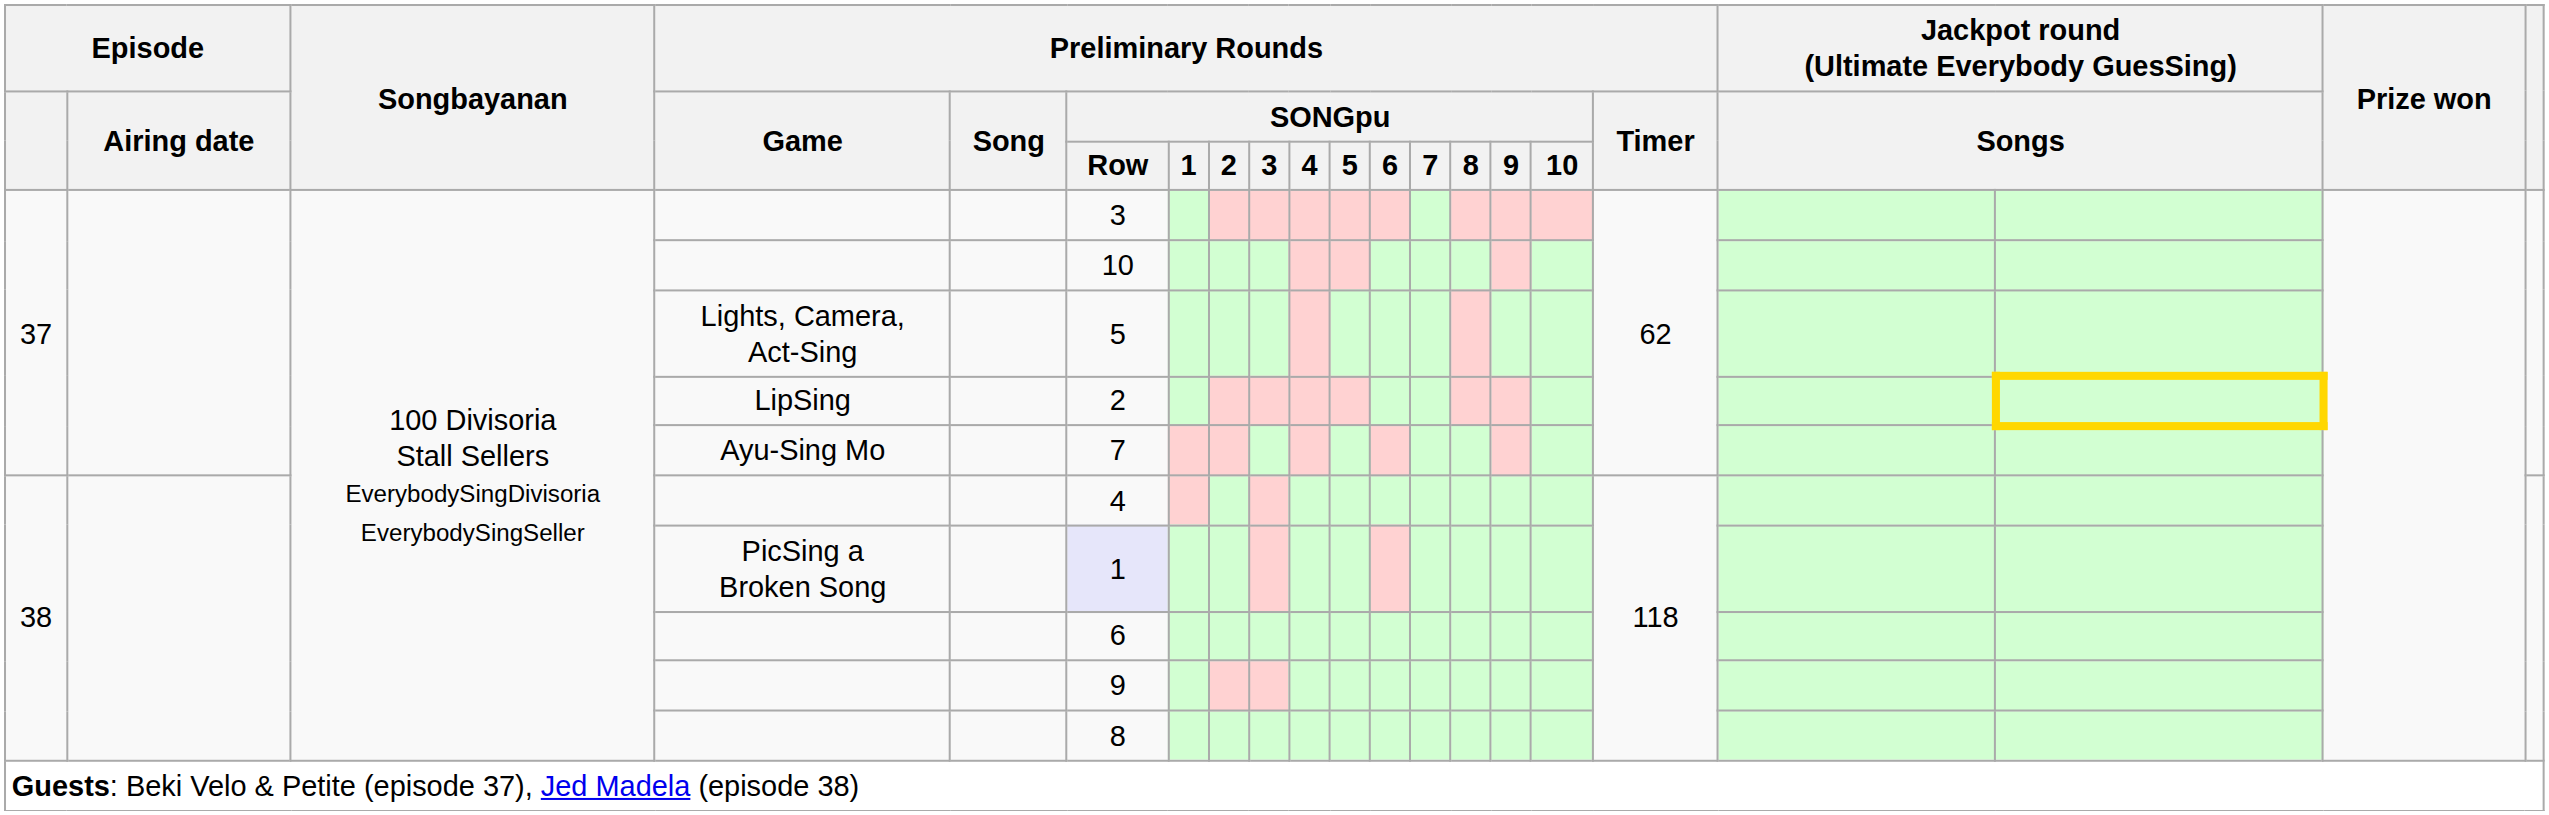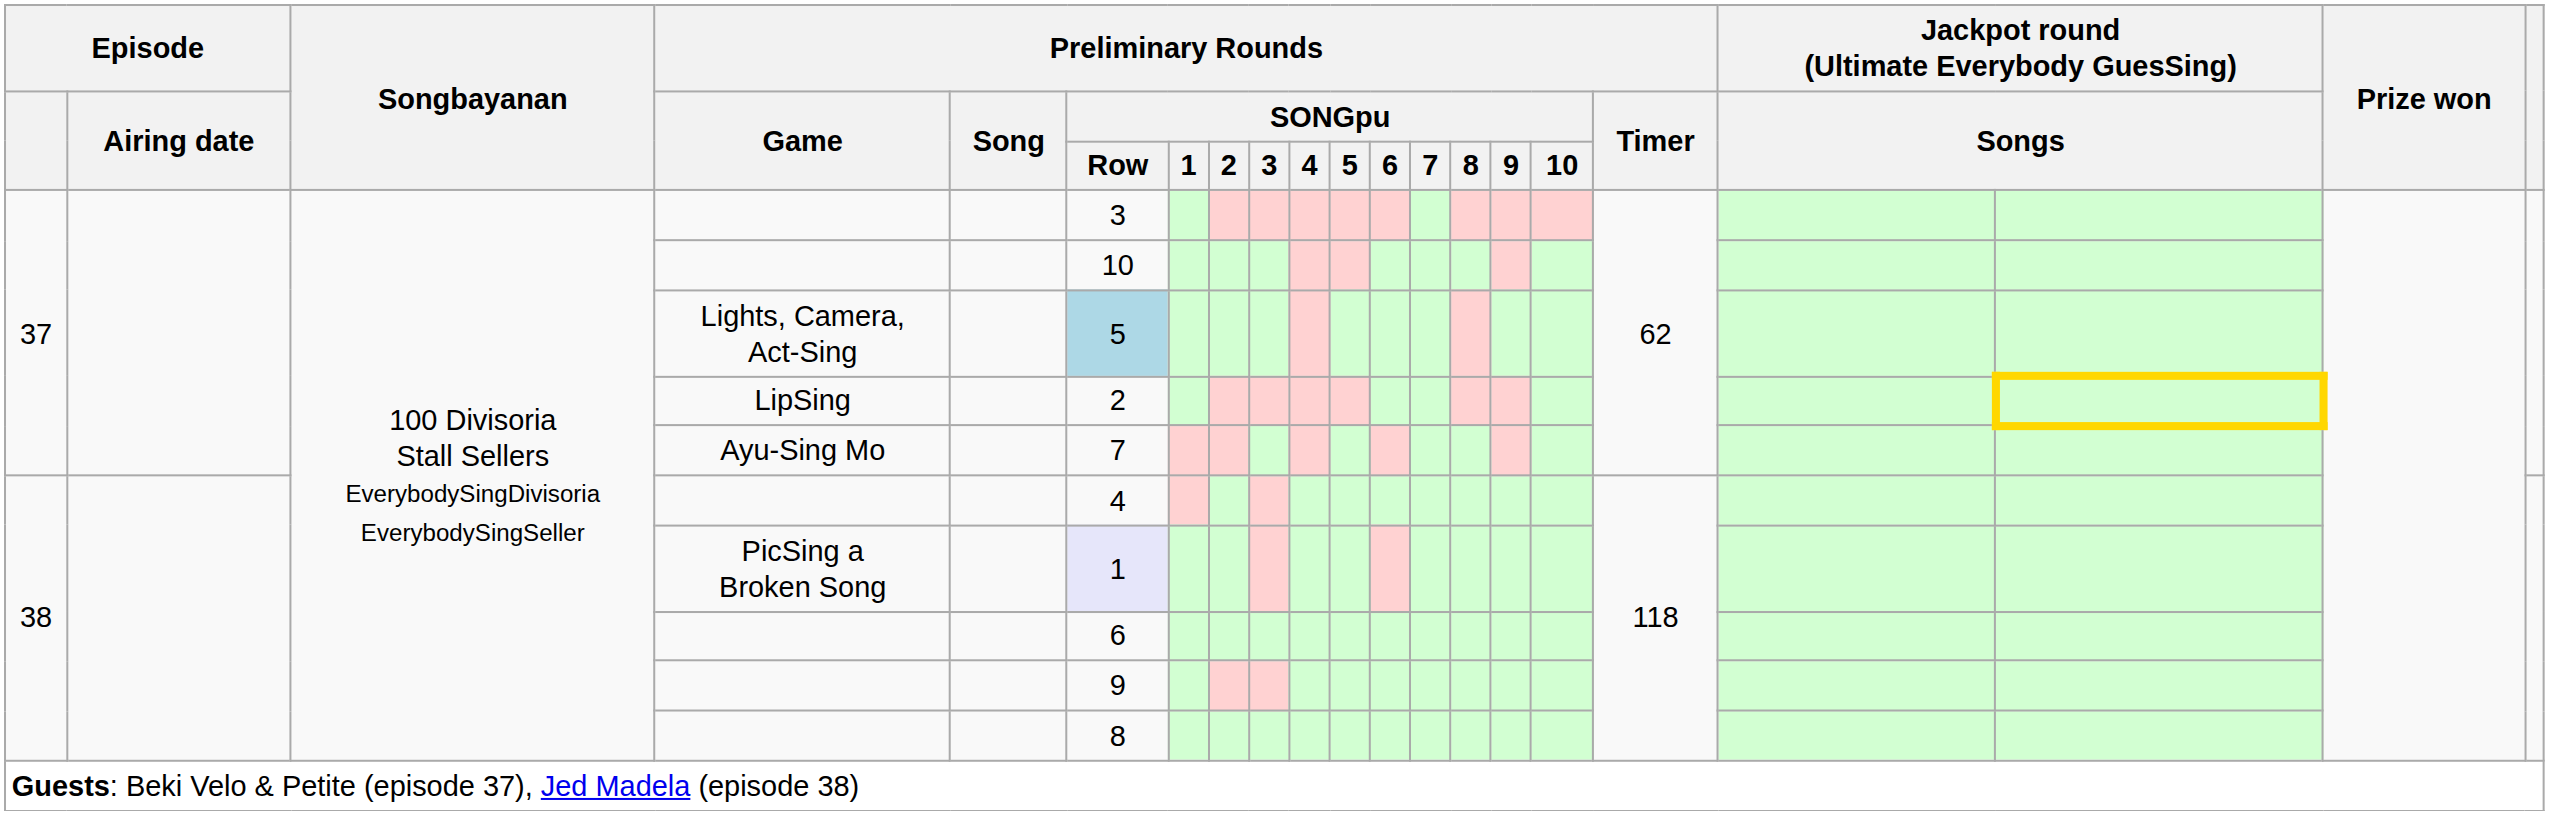 <table class="wikitable" style="text-align:center; font-size:90%; line-height:18px;" width="100%">
 <tr>
 <th colspan="2">Episode</th>
 <th rowspan="3">Songbayanan</th>
 <th colspan="14">Preliminary Rounds</th>
 <th colspan="2">Jackpot round<br><strong>(Ultimate Everybody GuesSing)</strong></th>
 <th rowspan="3">Prize won</th>
 <th rowspan="3"></th>
 </tr>
 <tr>
 <th rowspan="2"></th>
 <th rowspan="2">Airing date</th>
 <th rowspan="2">Game</th>
 <th rowspan="2">Song</th>
 <th colspan="11">SONGpu</th>
 <th rowspan="2">Timer</th>
 <th colspan="2" rowspan="2">Songs</th>
 </tr>
 <tr>
 <th>Row</th>
 <th>1</th>
 <th>2</th>
 <th>3</th>
 <th>4</th>
 <th>5</th>
 <th>6</th>
 <th>7</th>
 <th>8</th>
 <th>9</th>
 <th>10</th>
 </tr>
 <tr>
 <td rowspan="5">37</td>
 <td rowspan="5"></td>
 <td rowspan="10">100 Divisoria<br>Stall Sellers<br><small>EverybodySingDivisoria<br>EverybodySingSeller</small></td>
 <td></td>
 <td></td>
 <td>3</td>
 <td style="background:#D2FFD2"></td>
 <td style="background:#FFD2D2"></td>
 <td style="background:#FFD2D2"></td>
 <td style="background:#FFD2D2"></td>
 <td style="background:#FFD2D2"></td>
 <td style="background:#FFD2D2"></td>
 <td style="background:#D2FFD2"></td>
 <td style="background:#FFD2D2"></td>
 <td style="background:#FFD2D2"></td>
 <td style="background:#FFD2D2"></td>
 <td rowspan="5">62<br></td>
 <td style="background:#D2FFD2"></td>
 <td style="background:#D2FFD2"></td>
 <td rowspan="10"></td>
 <td rowspan="5"><br></td>
 </tr>
 <tr>
 <td></td>
 <td></td>
 <td>10</td>
 <td style="background:#D2FFD2"></td>
 <td style="background:#D2FFD2"></td>
 <td style="background:#D2FFD2"></td>
 <td style="background:#FFD2D2"></td>
 <td style="background:#FFD2D2"></td>
 <td style="background:#D2FFD2"></td>
 <td style="background:#D2FFD2"></td>
 <td style="background:#D2FFD2"></td>
 <td style="background:#FFD2D2"></td>
 <td style="background:#D2FFD2"></td>
 <td style="background:#D2FFD2"></td>
 <td style="background:#D2FFD2"></td>
 </tr>
 <tr>
 <td>Lights, Camera,<br>Act-Sing</td>
 <td></td>
-<td>5</td>
+<td style="background: lightblue;">5</td>
 <td style="background:#D2FFD2"></td>
 <td style="background:#D2FFD2"></td>
 <td style="background:#D2FFD2"></td>
 <td style="background:#FFD2D2"></td>
 <td style="background:#D2FFD2"></td>
 <td style="background:#D2FFD2"></td>
 <td style="background:#D2FFD2"></td>
 <td style="background:#FFD2D2"></td>
 <td style="background:#D2FFD2"></td>
 <td style="background:#D2FFD2"></td>
 <td style="background:#D2FFD2"></td>
 <td style="background:#D2FFD2"></td>
 </tr>
 <tr>
 <td>LipSing</td>
 <td></td>
 <td>2</td>
 <td style="background:#D2FFD2"></td>
 <td style="background:#FFD2D2"></td>
 <td style="background:#FFD2D2"></td>
 <td style="background:#FFD2D2"></td>
 <td style="background:#FFD2D2"></td>
 <td style="background:#D2FFD2"></td>
 <td style="background:#D2FFD2"></td>
 <td style="background:#FFD2D2"></td>
 <td style="background:#FFD2D2"></td>
 <td style="background:#D2FFD2"></td>
 <td style="background:#D2FFD2"></td>
 <td style="background:#D2FFD2; border:solid 4px #FFD700;"></td>
 </tr>
 <tr>
 <td>Ayu-Sing Mo</td>
 <td></td>
 <td>7</td>
 <td style="background:#FFD2D2"></td>
 <td style="background:#FFD2D2"></td>
 <td style="background:#D2FFD2"></td>
 <td style="background:#FFD2D2"></td>
 <td style="background:#D2FFD2"></td>
 <td style="background:#FFD2D2"></td>
 <td style="background:#D2FFD2"></td>
 <td style="background:#D2FFD2"></td>
 <td style="background:#FFD2D2"></td>
 <td style="background:#D2FFD2"></td>
 <td style="background:#D2FFD2"></td>
 <td style="background:#D2FFD2"></td>
 </tr>
 <tr>
 <td rowspan="5">38</td>
 <td rowspan="5"></td>
 <td></td>
 <td></td>
 <td>4</td>
 <td style="background:#FFD2D2"></td>
 <td style="background:#D2FFD2"></td>
 <td style="background:#FFD2D2"></td>
 <td style="background:#D2FFD2"></td>
 <td style="background:#D2FFD2"></td>
 <td style="background:#D2FFD2"></td>
 <td style="background:#D2FFD2"></td>
 <td style="background:#D2FFD2"></td>
 <td style="background:#D2FFD2"></td>
 <td style="background:#D2FFD2"></td>
 <td rowspan="5">118<br></td>
 <td style="background:#D2FFD2"></td>
 <td style="background:#D2FFD2"></td>
 <td rowspan="5"><br></td>
 </tr>
 <tr>
 <td>PicSing a<br>Broken Song</td>
 <td></td>
 <td style="background: lavender;">1</td>
 <td style="background:#D2FFD2"></td>
 <td style="background:#D2FFD2"></td>
 <td style="background:#FFD2D2"></td>
 <td style="background:#D2FFD2"></td>
 <td style="background:#D2FFD2"></td>
 <td style="background:#FFD2D2"></td>
 <td style="background:#D2FFD2"></td>
 <td style="background:#D2FFD2"></td>
 <td style="background:#D2FFD2"></td>
 <td style="background:#D2FFD2"></td>
 <td style="background:#D2FFD2"></td>
 <td style="background:#D2FFD2"></td>
 </tr>
 <tr>
 <td></td>
 <td></td>
 <td>6</td>
 <td style="background:#D2FFD2"></td>
 <td style="background:#D2FFD2"></td>
 <td style="background:#D2FFD2"></td>
 <td style="background:#D2FFD2"></td>
 <td style="background:#D2FFD2"></td>
 <td style="background:#D2FFD2"></td>
 <td style="background:#D2FFD2"></td>
 <td style="background:#D2FFD2"></td>
 <td style="background:#D2FFD2"></td>
 <td style="background:#D2FFD2"></td>
 <td style="background:#D2FFD2"></td>
 <td style="background:#D2FFD2"></td>
 </tr>
 <tr>
 <td></td>
 <td></td>
 <td>9</td>
 <td style="background:#D2FFD2"></td>
 <td style="background:#FFD2D2"></td>
 <td style="background:#FFD2D2"></td>
 <td style="background:#D2FFD2"></td>
 <td style="background:#D2FFD2"></td>
 <td style="background:#D2FFD2"></td>
 <td style="background:#D2FFD2"></td>
 <td style="background:#D2FFD2"></td>
 <td style="background:#D2FFD2"></td>
 <td style="background:#D2FFD2"></td>
 <td style="background:#D2FFD2"></td>
 <td style="background:#D2FFD2"></td>
 </tr>
 <tr>
 <td></td>
 <td></td>
 <td>8</td>
 <td style="background:#D2FFD2"></td>
 <td style="background:#D2FFD2"></td>
 <td style="background:#D2FFD2"></td>
 <td style="background:#D2FFD2"></td>
 <td style="background:#D2FFD2"></td>
 <td style="background:#D2FFD2"></td>
 <td style="background:#D2FFD2"></td>
 <td style="background:#D2FFD2"></td>
 <td style="background:#D2FFD2"></td>
 <td style="background:#D2FFD2"></td>
 <td style="background:#D2FFD2"></td>
 <td style="background:#D2FFD2"></td>
 </tr>
 <tr>
 <td colspan="21" style="background:white;" align="left"><strong>Guests</strong>: Beki Velo & Petite (episode 37), <a href='#'>Jed Madela</a> (episode 38)</td>
 </tr>
 </table>
